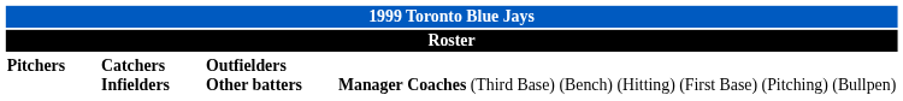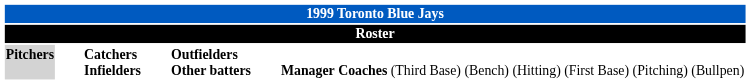 <table class="toccolours" style="font-size: 95%;">
 <tr>
 <th colspan="10" style="background-color: #005ac0; color: #FFFFFF; text-align: center;">1999 Toronto Blue Jays</th>
 </tr>
 <tr>
 <td colspan="10" style="background-color: black; color: white; text-align: center;"><strong>Roster</strong></td>
 </tr>
 <tr>
-<td valign="top"><strong>Pitchers</strong><br>                     </td>
+<td valign="top" style="background: lightgrey;"><strong>Pitchers</strong><br>                     </td>
 <td width="25px"></td>
 <td valign="top"><strong>Catchers</strong><br>     <strong>Infielders</strong>             </td>
 <td width="25px"></td>
 <td valign="top"><strong>Outfielders</strong><br>           <strong>Other batters</strong>  </td>
 <td width="25px"></td>
 <td valign="top"><br><strong>Manager</strong>  <strong>Coaches</strong>  (Third Base)  (Bench)  (Hitting)  (First Base)  (Pitching)  (Bullpen)</td>
 </tr>
 </table>
